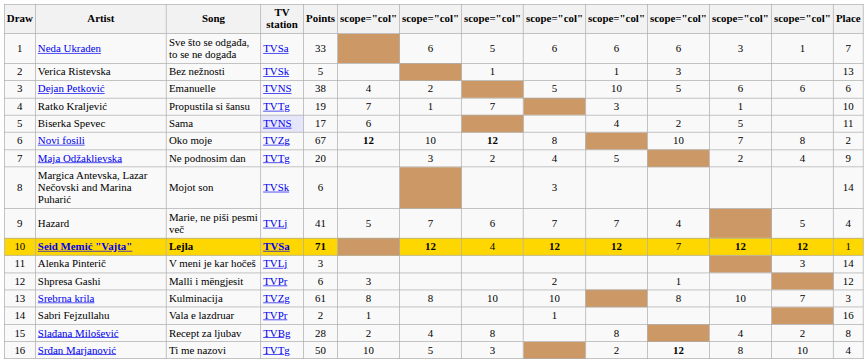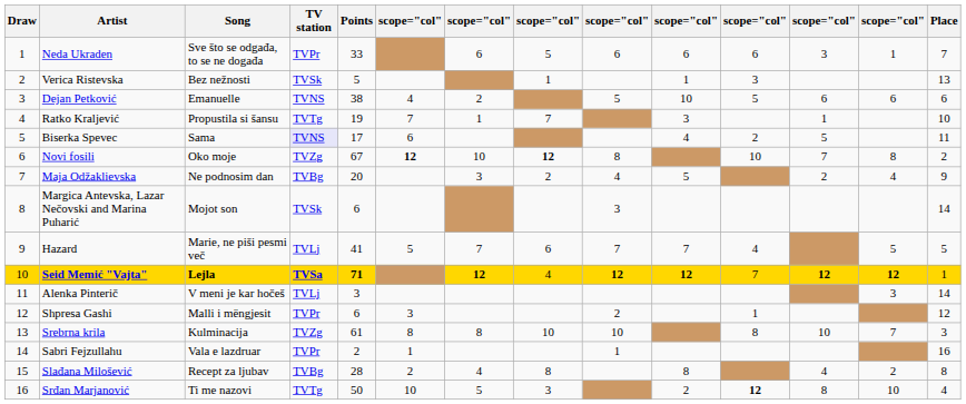 <table class="wikitable sortable plainrowheaders" style="margin: 1em auto 1em auto; text-align:center;">
 <tr>
 <th scope="col">Draw</th>
 <th scope="col">Artist</th>
 <th scope="col">Song</th>
 <th scope="col">TV station</th>
 <th scope="col">Points</th>
 <th>scope="col" </th>
 <th>scope="col" </th>
 <th>scope="col" </th>
 <th>scope="col" </th>
 <th>scope="col" </th>
 <th>scope="col" </th>
 <th>scope="col" </th>
 <th>scope="col" </th>
 <th scope="col">Place</th>
 </tr>
 <tr>
 <td>1</td>
 <td align="left"><a href='#'>Neda Ukraden</a></td>
 <td align="left">Sve što se odgađa, to se ne događa</td>
-<td align="left"> <a href='#'>TVSa</a></td>
+<td align="left"> <a href='#'>TVPr</a></td>
 <td>33</td>
 <td style="background:#c96;"></td>
 <td>6</td>
 <td>5</td>
 <td>6</td>
 <td>6</td>
 <td>6</td>
 <td>3</td>
 <td>1</td>
 <td>7</td>
 </tr>
 <tr>
 <td>2</td>
 <td align="left">Verica Ristevska</td>
 <td align="left">Bez nežnosti</td>
 <td align="left"> <a href='#'>TVSk</a></td>
 <td>5</td>
 <td></td>
 <td style="background:#c96;"></td>
 <td>1</td>
 <td></td>
 <td>1</td>
 <td>3</td>
 <td></td>
 <td></td>
 <td>13</td>
 </tr>
 <tr>
 <td>3</td>
 <td align="left"><a href='#'>Dejan Petković</a></td>
 <td align="left">Emanuelle</td>
 <td align="left"> <a href='#'>TVNS</a></td>
 <td>38</td>
 <td>4</td>
 <td>2</td>
 <td style="background:#c96;"></td>
 <td>5</td>
 <td>10</td>
 <td>5</td>
 <td>6</td>
 <td>6</td>
 <td>6</td>
 </tr>
 <tr>
 <td>4</td>
 <td align="left">Ratko Kraljević</td>
 <td align="left">Propustila si šansu</td>
 <td align="left"> <a href='#'>TVTg</a></td>
 <td>19</td>
 <td>7</td>
 <td>1</td>
 <td>7</td>
 <td style="background:#c96;"></td>
 <td>3</td>
 <td></td>
 <td>1</td>
 <td></td>
 <td>10</td>
 </tr>
 <tr>
 <td>5</td>
 <td align="left">Biserka Spevec</td>
 <td align="left">Sama</td>
 <td align="left" style="background: lavender;"> <a href='#'>TVNS</a></td>
 <td>17</td>
 <td>6</td>
 <td></td>
 <td style="background:#c96;"></td>
 <td></td>
 <td>4</td>
 <td>2</td>
 <td>5</td>
 <td></td>
 <td>11</td>
 </tr>
 <tr>
 <td>6</td>
 <td align="left"><a href='#'>Novi fosili</a></td>
 <td align="left">Oko moje</td>
 <td align="left"> <a href='#'>TVZg</a></td>
 <td>67</td>
 <td><strong>12</strong></td>
 <td>10</td>
 <td><strong>12</strong></td>
 <td>8</td>
 <td style="background:#c96;"></td>
 <td>10</td>
 <td>7</td>
 <td>8</td>
 <td>2</td>
 </tr>
 <tr>
 <td>7</td>
 <td align="left"><a href='#'>Maja Odžaklievska</a></td>
 <td align="left">Ne podnosim dan</td>
-<td align="left"> <a href='#'>TVTg</a></td>
+<td align="left"> <a href='#'>TVBg</a></td>
 <td>20</td>
 <td></td>
 <td>3</td>
 <td>2</td>
 <td>4</td>
 <td>5</td>
 <td style="background:#c96;"></td>
 <td>2</td>
 <td>4</td>
 <td>9</td>
 </tr>
 <tr>
 <td>8</td>
 <td align="left">Margica Antevska, Lazar Nečovski and Marina Puharić</td>
 <td align="left">Mojot son</td>
 <td align="left"> <a href='#'>TVSk</a></td>
 <td>6</td>
 <td></td>
 <td style="background:#c96;"></td>
 <td></td>
 <td>3</td>
 <td></td>
 <td></td>
 <td></td>
 <td></td>
 <td>14</td>
 </tr>
 <tr>
 <td>9</td>
 <td align="left">Hazard</td>
 <td align="left">Marie, ne piši pesmi več</td>
 <td align="left"> <a href='#'>TVLj</a></td>
 <td>41</td>
 <td>5</td>
 <td>7</td>
 <td>6</td>
 <td>7</td>
 <td>7</td>
 <td>4</td>
 <td style="background:#c96;"></td>
 <td>5</td>
-<td>4</td>
+<td>5</td>
 </tr>
 <tr style="background:gold;">
 <td>10</td>
 <td align="left"><strong><a href='#'>Seid Memić "Vajta"</a></strong></td>
 <td align="left"><strong>Lejla</strong></td>
 <td align="left"> <strong><a href='#'>TVSa</a></strong></td>
 <td><strong>71</strong></td>
 <td style="background:#c96;"></td>
 <td><strong>12</strong></td>
 <td>4</td>
 <td><strong>12</strong></td>
 <td><strong>12</strong></td>
 <td>7</td>
 <td><strong>12</strong></td>
 <td><strong>12</strong></td>
 <td>1</td>
 </tr>
 <tr>
 <td>11</td>
 <td align="left">Alenka Pinterič</td>
 <td align="left">V meni je kar hočeš</td>
 <td align="left"> <a href='#'>TVLj</a></td>
 <td>3</td>
 <td></td>
 <td></td>
 <td></td>
 <td></td>
 <td></td>
 <td></td>
 <td style="background:#c96;"></td>
 <td>3</td>
 <td>14</td>
 </tr>
 <tr>
 <td>12</td>
 <td align="left">Shpresa Gashi</td>
 <td align="left">Malli i mëngjesit</td>
 <td align="left"> <a href='#'>TVPr</a></td>
 <td>6</td>
 <td>3</td>
 <td></td>
 <td></td>
 <td>2</td>
 <td></td>
 <td>1</td>
 <td></td>
 <td style="background:#c96;"></td>
 <td>12</td>
 </tr>
 <tr>
 <td>13</td>
 <td align="left"><a href='#'>Srebrna krila</a></td>
 <td align="left">Kulminacija</td>
 <td align="left"> <a href='#'>TVZg</a></td>
 <td>61</td>
 <td>8</td>
 <td>8</td>
 <td>10</td>
 <td>10</td>
 <td style="background:#c96;"></td>
 <td>8</td>
 <td>10</td>
 <td>7</td>
 <td>3</td>
 </tr>
 <tr>
 <td>14</td>
 <td align="left">Sabri Fejzullahu</td>
 <td align="left">Vala e lazdruar</td>
 <td align="left"> <a href='#'>TVPr</a></td>
 <td>2</td>
 <td>1</td>
 <td></td>
 <td></td>
 <td>1</td>
 <td></td>
 <td></td>
 <td></td>
 <td style="background:#c96;"></td>
 <td>16</td>
 </tr>
 <tr>
 <td>15</td>
 <td align="left"><a href='#'>Slađana Milošević</a></td>
 <td align="left">Recept za ljubav</td>
 <td align="left"> <a href='#'>TVBg</a></td>
 <td>28</td>
 <td>2</td>
 <td>4</td>
 <td>8</td>
 <td></td>
 <td>8</td>
 <td style="background:#c96;"></td>
 <td>4</td>
 <td>2</td>
 <td>8</td>
 </tr>
 <tr>
 <td>16</td>
 <td align="left"><a href='#'>Srđan Marjanović</a></td>
 <td align="left">Ti me nazovi</td>
 <td align="left"> <a href='#'>TVTg</a></td>
 <td>50</td>
 <td>10</td>
 <td>5</td>
 <td>3</td>
 <td style="background:#c96;"></td>
 <td>2</td>
 <td><strong>12</strong></td>
 <td>8</td>
 <td>10</td>
 <td>4</td>
 </tr>
 </table>
